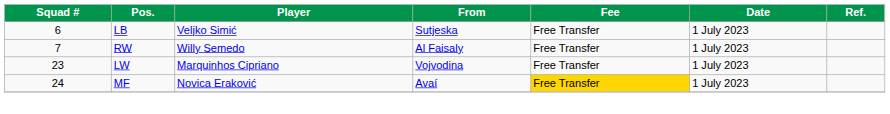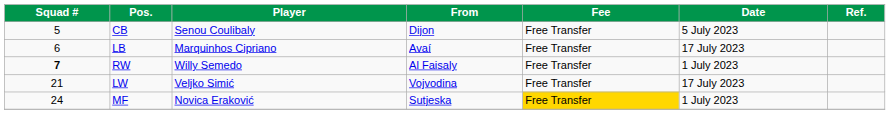 <table class="wikitable sortable" style="width:101%; text-align:center; font-size:100%; text-align:left;">
 <tr>
 <th style="background:#00954C; color:#FFFFFF; ">Squad #</th>
 <th style="background:#00954C; color:#FFFFFF; ">Pos.</th>
 <th style="background:#00954C; color:#FFFFFF; ">Player</th>
 <th style="background:#00954C; color:#FFFFFF; ">From</th>
 <th style="background:#00954C; color:#FFFFFF; ">Fee</th>
 <th style="background:#00954C; color:#FFFFFF; ">Date</th>
 <th style="background:#00954C; color:#FFFFFF; ">Ref.</th>
 </tr>
 <tr>
-<td align="center">6</td>
-<td><a href='#'>LB</a></td>
-<td> <a href='#'>Veljko Simić</a></td>
-<td> <a href='#'>Sutjeska</a></td>
+<td align="center">5</td>
+<td><a href='#'>CB</a></td>
+<td> <a href='#'>Senou Coulibaly</a></td>
+<td> <a href='#'>Dijon</a></td>
 <td>Free Transfer</td>
-<td>1 July 2023</td>
+<td>5 July 2023</td>
 <td></td>
 </tr>
 <tr>
-<td align="center">7</td>
+<td align="center">6</td>
+<td><a href='#'>LB</a></td>
+<td> <a href='#'>Marquinhos Cipriano</a></td>
+<td> <a href='#'>Avaí</a></td>
+<td>Free Transfer</td>
+<td>17 July 2023</td>
+<td></td>
+</tr>
+<tr>
+<td align="center"><strong>7</strong></td>
 <td><a href='#'>RW</a></td>
 <td> <a href='#'>Willy Semedo</a></td>
 <td> <a href='#'>Al Faisaly</a></td>
 <td>Free Transfer</td>
 <td>1 July 2023</td>
 <td></td>
 </tr>
 <tr>
-<td align="center">23</td>
+<td align="center">21</td>
 <td><a href='#'>LW</a></td>
-<td> <a href='#'>Marquinhos Cipriano</a></td>
+<td> <a href='#'>Veljko Simić</a></td>
 <td> <a href='#'>Vojvodina</a></td>
 <td>Free Transfer</td>
-<td>1 July 2023</td>
+<td>17 July 2023</td>
 <td></td>
 </tr>
 <tr>
 <td align="center">24</td>
 <td><a href='#'>MF</a></td>
 <td> <a href='#'>Novica Eraković</a></td>
-<td> <a href='#'>Avaí</a></td>
+<td> <a href='#'>Sutjeska</a></td>
 <td style="background: gold;">Free Transfer</td>
 <td>1 July 2023</td>
 <td></td>
 </tr>
 <tr>
 </tr>
 </table>
